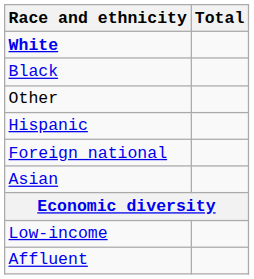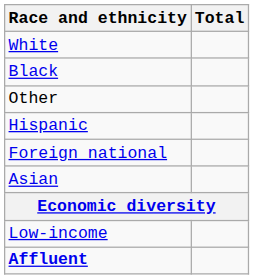 <table class="wikitable sortable collapsible"; text-align:right; font-size:80%;">
 <tr>
 <th>Race and ethnicity</th>
 <th colspan="2" data-sort-type=number>Total</th>
 </tr>
 <tr>
-<td><strong><a href='#'>White</a></strong></td>
+<td><a href='#'>White</a></td>
 <td align=right></td>
 </tr>
 <tr>
 <td><a href='#'>Black</a></td>
 <td align=right></td>
 </tr>
 <tr>
 <td>Other</td>
 <td align=right></td>
 </tr>
 <tr>
 <td><a href='#'>Hispanic</a></td>
 <td align=right></td>
 </tr>
 <tr>
 <td><a href='#'>Foreign national</a></td>
 <td align=right></td>
 </tr>
 <tr>
 <td><a href='#'>Asian</a></td>
 <td align=right></td>
 </tr>
 <tr>
 <th colspan="4" data-sort-type=number><a href='#'>Economic diversity</a></th>
 </tr>
 <tr>
 <td><a href='#'>Low-income</a></td>
 <td align=right></td>
 </tr>
 <tr>
-<td><a href='#'>Affluent</a></td>
+<td><strong><a href='#'>Affluent</a></strong></td>
 <td align=right></td>
 </tr>
 </table>
